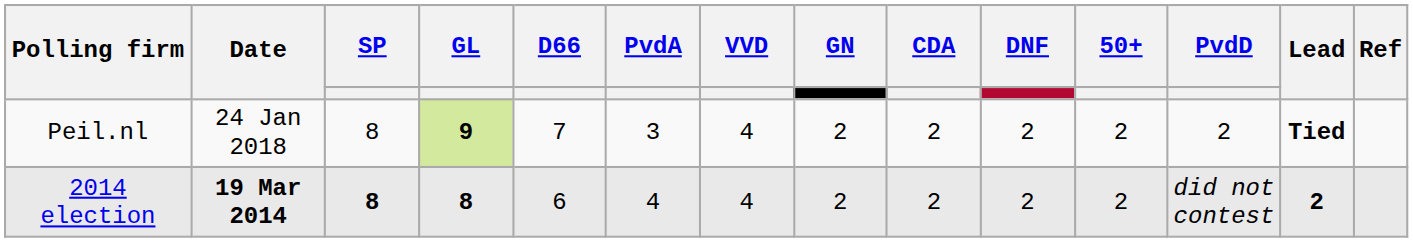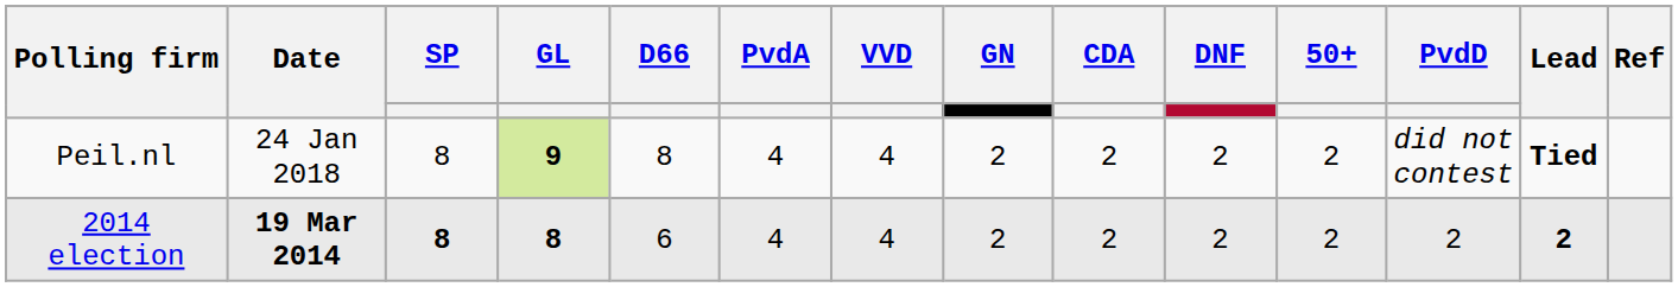 <table class="wikitable sortable" style="text-align:center;font-size:90%;line-height:14px;">
 <tr style="height:40px;">
 <th style="width:85px;" rowspan="2">Polling firm</th>
 <th style="width:60px;" rowspan="2">Date</th>
 <th class="unsortable" style="width:40px;"><a href='#'>SP</a></th>
 <th class="unsortable" style="width:40px;"><a href='#'>GL</a></th>
 <th class="unsortable" style="width:40px;"><a href='#'>D66</a></th>
 <th class="unsortable" style="width:40px;"><a href='#'>PvdA</a></th>
 <th class="unsortable" style="width:40px;"><a href='#'>VVD</a></th>
 <th class="unsortable" style="width:40px;"><a href='#'>GN</a></th>
 <th class="unsortable" style="width:40px;"><a href='#'>CDA</a></th>
 <th class="unsortable" style="width:40px;"><a href='#'>DNF</a></th>
 <th class="unsortable" style="width:40px;"><a href='#'>50+</a></th>
 <th class="unsortable" style="width:40px;"><a href='#'>PvdD</a></th>
 <th style="width:30px;" rowspan="2">Lead</th>
 <th class="unsortable" rowspan="2">Ref</th>
 </tr>
 <tr>
 <th style="background:"></th>
 <th style="background:"></th>
 <th style="background:"></th>
 <th style="background:"></th>
 <th style="background:"></th>
 <th style="background:black;"></th>
 <th style="background:"></th>
 <th style="background:#b20932;"></th>
 <th style="background:"></th>
 <th style="background:"></th>
 </tr>
 <tr>
 <td>Peil.nl</td>
 <td>24 Jan 2018</td>
 <td>8</td>
 <td style="background:#d3ea9e"><strong>9</strong></td>
-<td>7</td>
-<td>3</td>
+<td>8</td>
+<td>4</td>
 <td>4</td>
 <td>2</td>
 <td>2</td>
 <td>2</td>
 <td>2</td>
-<td>2</td>
+<td><em>did not contest</em></td>
 <td><strong>Tied</strong></td>
 <td></td>
 </tr>
 <tr style="background-color:#E9E9E9">
 <td><a href='#'>2014 election</a></td>
 <td><strong>19 Mar 2014</strong></td>
 <td><strong>8</strong></td>
 <td><strong>8</strong></td>
 <td>6</td>
 <td>4</td>
 <td>4</td>
 <td>2</td>
 <td>2</td>
 <td>2</td>
 <td>2</td>
-<td><em>did not contest</em></td>
+<td>2</td>
 <td style="background:"><strong>2</strong></td>
 <td></td>
 </tr>
 </table>
